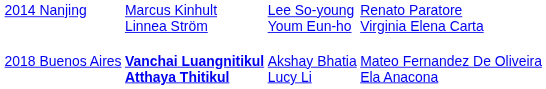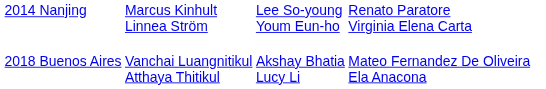 <table>
 <tr>
 <td><a href='#'>2014 Nanjing</a><br></td>
 <td><br><a href='#'>Marcus Kinhult</a><br><a href='#'>Linnea Ström</a></td>
 <td><br><a href='#'>Lee So-young</a><br><a href='#'>Youm Eun-ho</a></td>
 <td><br><a href='#'>Renato Paratore</a><br><a href='#'>Virginia Elena Carta</a></td>
 </tr>
 <tr>
 <td><a href='#'>2018 Buenos Aires</a><br></td>
-<td><strong><br><a href='#'>Vanchai Luangnitikul</a><br><a href='#'>Atthaya Thitikul</a></strong></td>
+<td><br><a href='#'>Vanchai Luangnitikul</a><br><a href='#'>Atthaya Thitikul</a></td>
 <td><br><a href='#'>Akshay Bhatia</a><br><a href='#'>Lucy Li</a></td>
 <td><br><a href='#'>Mateo Fernandez De Oliveira</a><br><a href='#'>Ela Anacona</a></td>
 </tr>
 </table>
